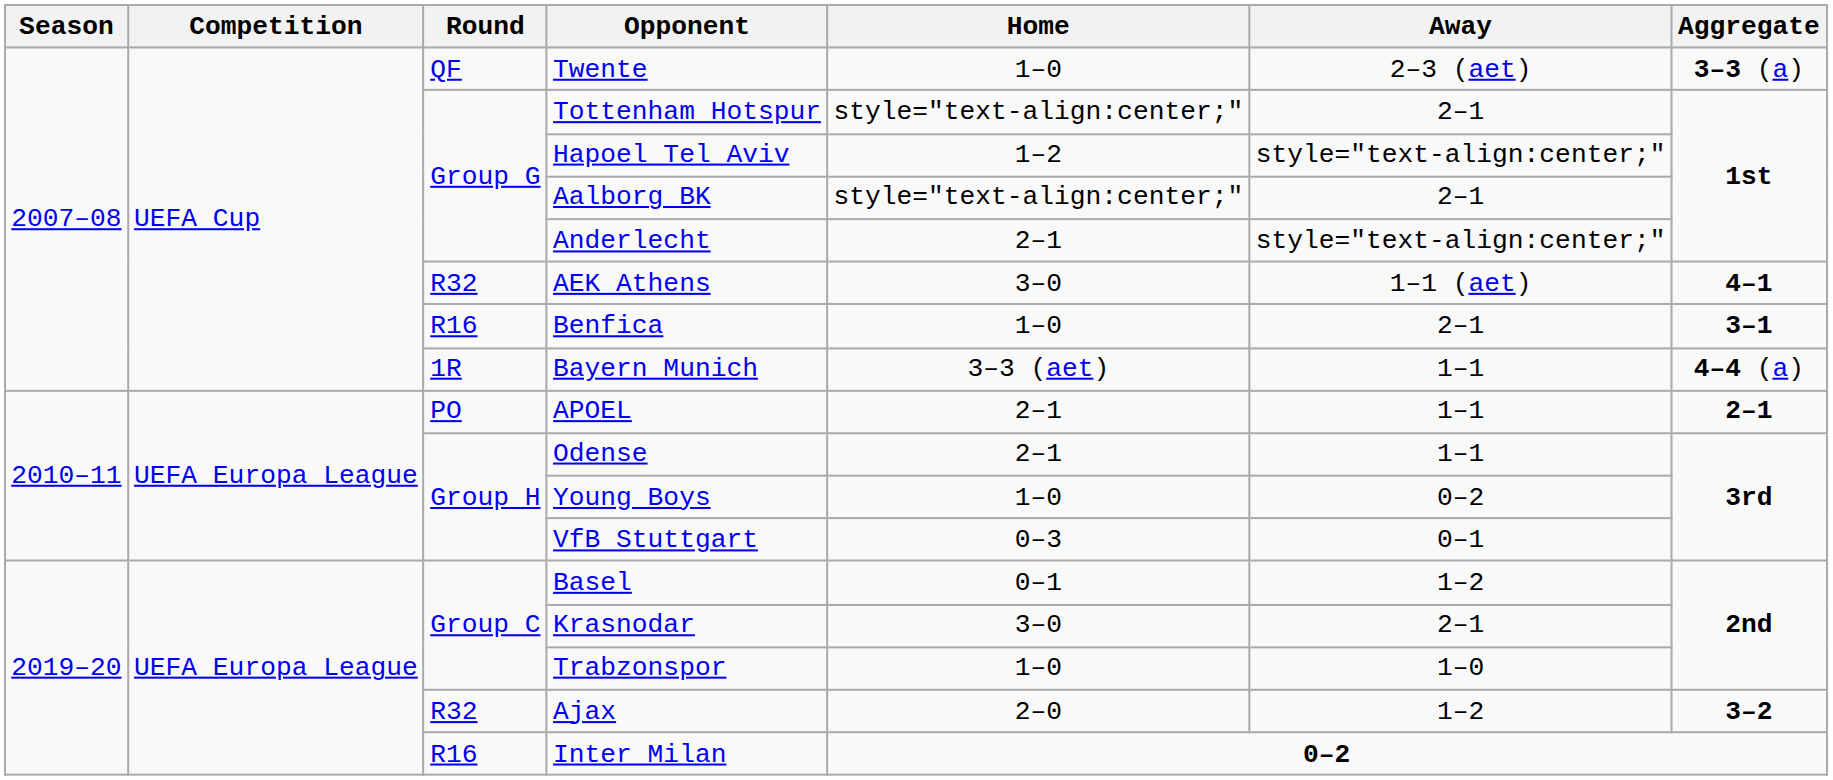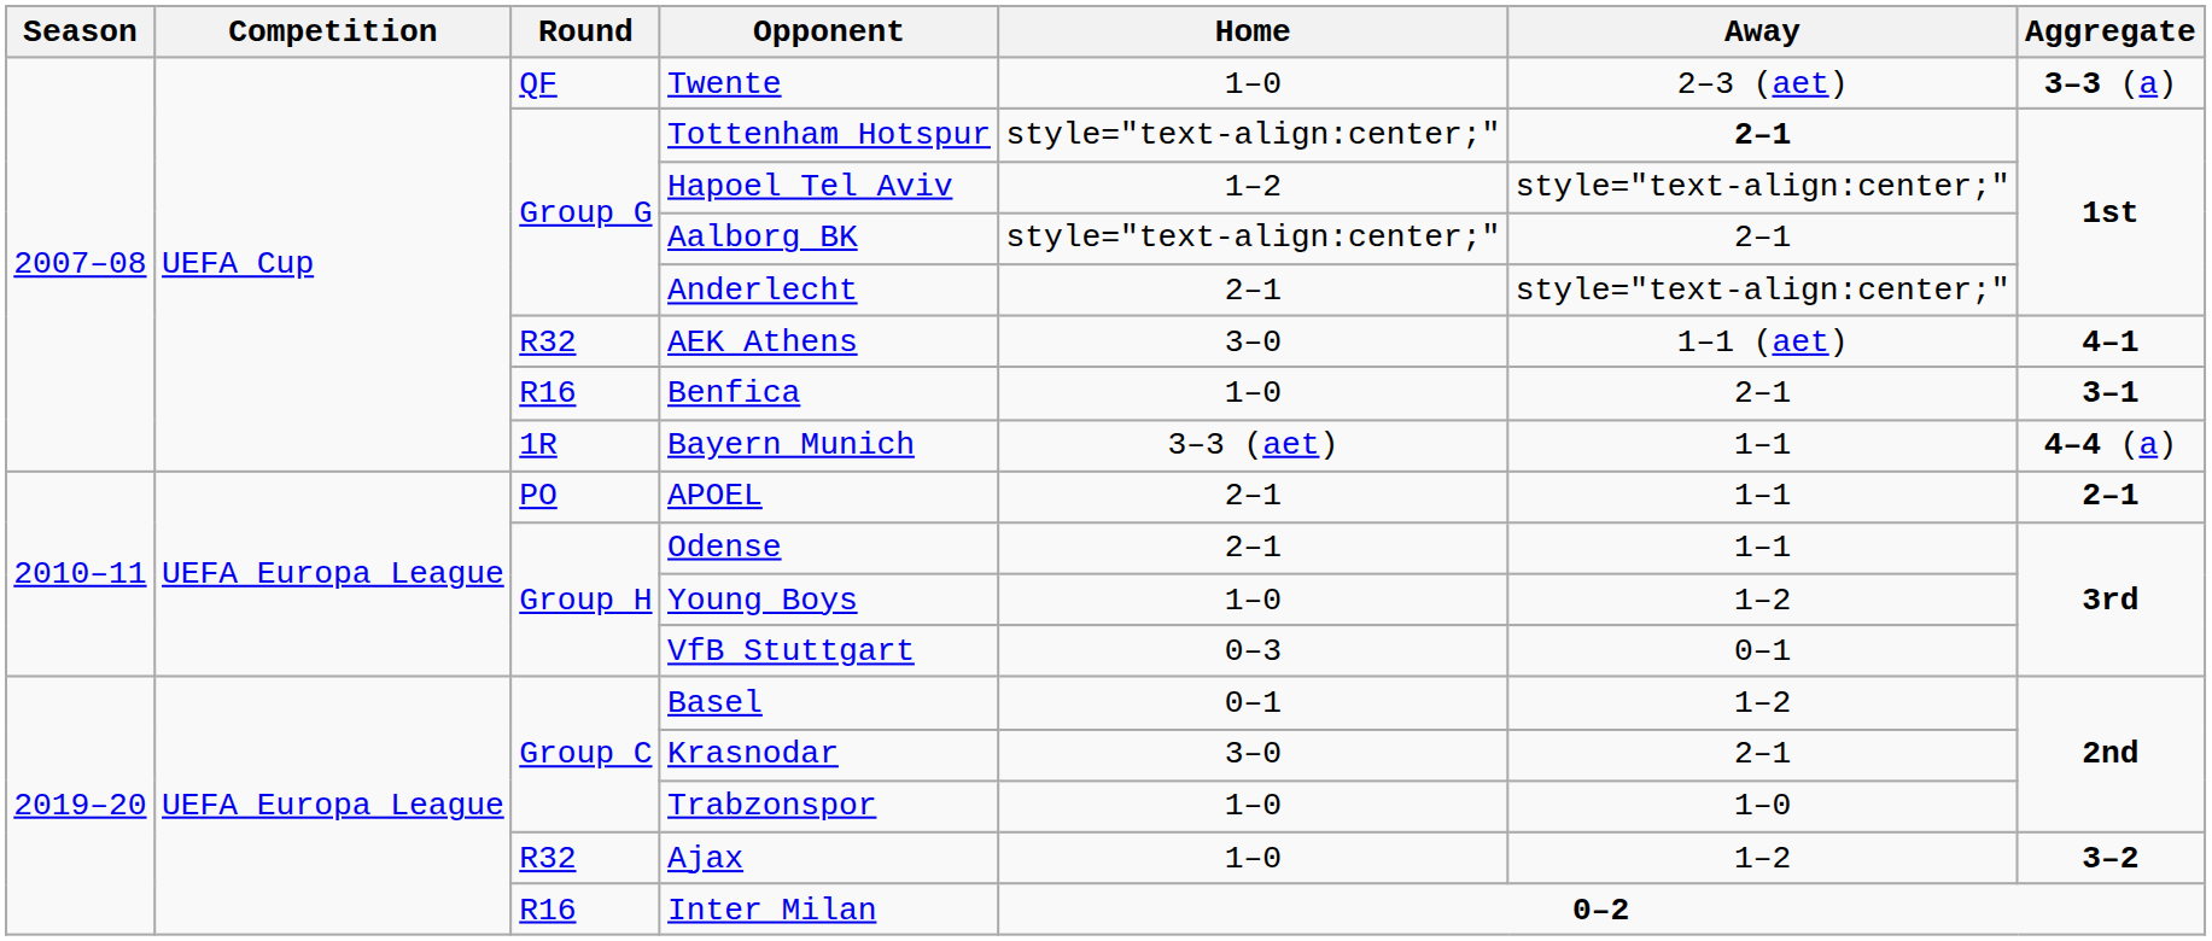 <table class="wikitable" style="text-align:left;">
 <tr>
 <th>Season</th>
 <th>Competition</th>
 <th>Round</th>
 <th>Opponent</th>
 <th>Home</th>
 <th>Away</th>
 <th>Aggregate</th>
 </tr>
 <tr>
 <td rowspan="8"><a href='#'>2007–08</a></td>
 <td rowspan="8"><a href='#'>UEFA Cup</a></td>
 <td><a href='#'>QF</a></td>
 <td> <a href='#'>Twente</a></td>
 <td style="text-align:center;">1–0</td>
 <td style="text-align:center;">2–3 (<a href='#'>aet</a>)</td>
 <td style="text-align:center;"><strong>3–3</strong> (<a href='#'>a</a>)</td>
 </tr>
 <tr>
 <td rowspan="4"><a href='#'>Group G</a></td>
 <td> <a href='#'>Tottenham Hotspur</a></td>
 <td>style="text-align:center;" </td>
-<td style="text-align:center;">2–1</td>
+<td style="text-align:center;"><strong>2–1</strong></td>
 <td rowspan="4" style="text-align:center;"><strong>1st</strong></td>
 </tr>
 <tr>
 <td> <a href='#'>Hapoel Tel Aviv</a></td>
 <td style="text-align:center;">1–2</td>
 <td>style="text-align:center;" </td>
 </tr>
 <tr>
 <td> <a href='#'>Aalborg BK</a></td>
 <td>style="text-align:center;" </td>
 <td style="text-align:center;">2–1</td>
 </tr>
 <tr>
 <td> <a href='#'>Anderlecht</a></td>
 <td style="text-align:center;">2–1</td>
 <td>style="text-align:center;" </td>
 </tr>
 <tr>
 <td><a href='#'>R32</a></td>
 <td> <a href='#'>AEK Athens</a></td>
 <td style="text-align:center;">3–0</td>
 <td style="text-align:center;">1–1 (<a href='#'>aet</a>)</td>
 <td style="text-align:center;"><strong>4–1</strong></td>
 </tr>
 <tr>
 <td><a href='#'>R16</a></td>
 <td> <a href='#'>Benfica</a></td>
 <td style="text-align:center;">1–0</td>
 <td style="text-align:center;">2–1</td>
 <td style="text-align:center;"><strong>3–1</strong></td>
 </tr>
 <tr>
 <td><a href='#'>1R</a></td>
 <td> <a href='#'>Bayern Munich</a></td>
 <td style="text-align:center;">3–3 (<a href='#'>aet</a>)</td>
 <td style="text-align:center;">1–1</td>
 <td style="text-align:center;"><strong>4–4</strong> (<a href='#'>a</a>)</td>
 </tr>
 <tr>
 <td rowspan="4"><a href='#'>2010–11</a></td>
 <td rowspan="4"><a href='#'>UEFA Europa League</a></td>
 <td><a href='#'>PO</a></td>
 <td> <a href='#'>APOEL</a></td>
 <td style="text-align:center;">2–1</td>
 <td style="text-align:center;">1–1</td>
 <td style="text-align:center;"><strong>2–1</strong></td>
 </tr>
 <tr>
 <td rowspan="3"><a href='#'>Group H</a></td>
 <td> <a href='#'>Odense</a></td>
 <td style="text-align:center;">2–1</td>
 <td style="text-align:center;">1–1</td>
 <td rowspan="3" style="text-align:center;"><strong>3rd</strong></td>
 </tr>
 <tr>
 <td> <a href='#'>Young Boys</a></td>
 <td style="text-align:center;">1–0</td>
-<td style="text-align:center;">0–2</td>
+<td style="text-align:center;">1–2</td>
 </tr>
 <tr>
 <td> <a href='#'>VfB Stuttgart</a></td>
 <td style="text-align:center;">0–3</td>
 <td style="text-align:center;">0–1</td>
 </tr>
 <tr>
 <td rowspan="5"><a href='#'>2019–20</a></td>
 <td rowspan="5"><a href='#'>UEFA Europa League</a></td>
 <td rowspan="3"><a href='#'>Group C</a></td>
 <td> <a href='#'>Basel</a></td>
 <td style="text-align:center;">0–1</td>
 <td style="text-align:center;">1–2</td>
 <td rowspan="3" style="text-align:center;"><strong>2nd</strong></td>
 </tr>
 <tr>
 <td> <a href='#'>Krasnodar</a></td>
 <td style="text-align:center;">3–0</td>
 <td style="text-align:center;">2–1</td>
 </tr>
 <tr>
 <td> <a href='#'>Trabzonspor</a></td>
 <td style="text-align:center;">1–0</td>
 <td style="text-align:center;">1–0</td>
 </tr>
 <tr>
 <td><a href='#'>R32</a></td>
 <td> <a href='#'>Ajax</a></td>
-<td style="text-align:center;">2–0</td>
+<td style="text-align:center;">1–0</td>
 <td style="text-align:center;">1–2</td>
 <td style="text-align:center;"><strong>3–2</strong></td>
 </tr>
 <tr>
 <td><a href='#'>R16</a></td>
 <td> <a href='#'>Inter Milan</a></td>
 <td colspan="3" style="text-align:center;"><strong>0–2</strong></td>
 </tr>
 </table>
